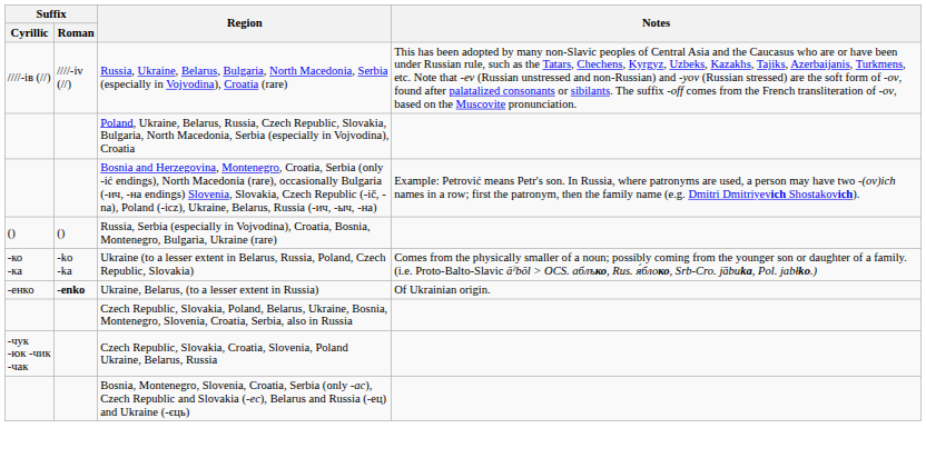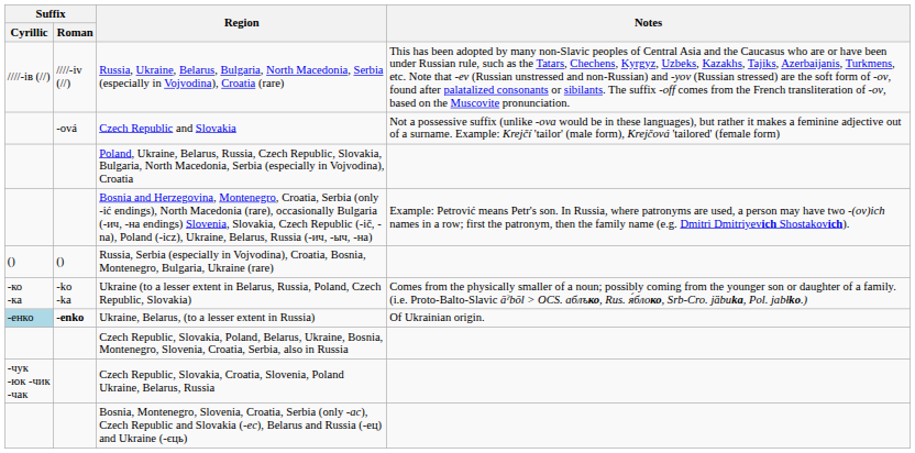 <table class="wikitable">
 <tr>
 <th colspan="2">Suffix</th>
 <th rowspan="2">Region</th>
 <th rowspan="2">Notes</th>
 </tr>
 <tr>
 <th>Cyrillic</th>
 <th>Roman</th>
 </tr>
 <tr>
 <td>////-ів (//)</td>
 <td>////-iv (//)</td>
 <td><a href='#'>Russia</a>, <a href='#'>Ukraine</a>, <a href='#'>Belarus</a>, <a href='#'>Bulgaria</a>, <a href='#'>North Macedonia</a>, <a href='#'>Serbia</a> (especially in <a href='#'>Vojvodina</a>), <a href='#'>Croatia</a> (rare)</td>
 <td>This has been adopted by many non-Slavic peoples of Central Asia and the Caucasus who are or have been under Russian rule, such as the <a href='#'>Tatars</a>, <a href='#'>Chechens</a>, <a href='#'>Kyrgyz</a>, <a href='#'>Uzbeks</a>, <a href='#'>Kazakhs</a>, <a href='#'>Tajiks</a>, <a href='#'>Azerbaijanis</a>, <a href='#'>Turkmens</a>, etc. Note that <em>-ev</em> (Russian unstressed and non-Russian) and <em>-yov</em> (Russian stressed) are the soft form of <em>-ov</em>, found after <a href='#'>palatalized consonants</a> or <a href='#'>sibilants</a>. The suffix <em>-off</em> comes from the French transliteration of <em>-ov</em>, based on the <a href='#'>Muscovite</a> pronunciation.</td>
+</tr>
+<tr>
+<td></td>
+<td>-ová</td>
+<td><a href='#'>Czech Republic</a> and <a href='#'>Slovakia</a></td>
+<td>Not a possessive suffix (unlike <em>-ova</em> would be in these languages), but rather it makes a feminine adjective out of a surname. Example: <em>Krejčí</em> 'tailor' (male form), <em>Krejčová</em> 'tailored' (female form)</td>
 </tr>
 <tr>
 <td></td>
 <td></td>
 <td><a href='#'>Poland</a>, Ukraine, Belarus, Russia, Czech Republic, Slovakia, Bulgaria, North Macedonia, Serbia (especially in Vojvodina), Croatia</td>
 <td></td>
 </tr>
 <tr>
 <td></td>
 <td></td>
 <td><a href='#'>Bosnia and Herzegovina</a>, <a href='#'>Montenegro</a>, Croatia, Serbia (only -ić endings), North Macedonia (rare), occasionally Bulgaria (-ич, -на endings) <a href='#'>Slovenia</a>, Slovakia, Czech Republic (-ič, -na), Poland (-icz), Ukraine, Belarus, Russia (-ич, -ыч, -на)</td>
 <td>Example: Petrović means Petr's son. In Russia, where patronyms are used, a person may have two <em>-(ov)ich</em> names in a row; first the patronym, then the family name (e.g. <a href='#'>Dmitri Dmitriyev<strong>ich</strong> Shostakov<strong>ich</strong></a>).</td>
 </tr>
 <tr>
 <td> ()</td>
 <td> ()</td>
 <td>Russia, Serbia (especially in Vojvodina), Croatia, Bosnia, Montenegro, Bulgaria, Ukraine (rare)</td>
 <td></td>
 </tr>
 <tr>
 <td>-ко<br>-ка</td>
 <td>-ko<br>-ka</td>
 <td>Ukraine (to a lesser extent in Belarus, Russia, Poland, Czech Republic, Slovakia)</td>
 <td>Comes from the physically smaller of a noun; possibly coming from the younger son or daughter of a family. (i.e. Proto-Balto-Slavic <em>āˀbōl > OCS. аблъ<strong>ко</strong>, Rus. я́бло<strong>ко</strong>, Srb-Cro. jȁbu<strong>ka</strong>, Pol. jabł<strong>ko</strong>.)</em></td>
 </tr>
 <tr>
-<td>-енко</td>
+<td style="background: lightblue;">-енко</td>
 <td><strong>-enko</strong></td>
 <td>Ukraine, Belarus, (to a lesser extent in Russia)</td>
 <td>Of Ukrainian origin.</td>
 </tr>
 <tr>
 <td></td>
 <td></td>
 <td>Czech Republic, Slovakia, Poland, Belarus, Ukraine, Bosnia, Montenegro, Slovenia, Croatia, Serbia, also in Russia</td>
 <td></td>
 </tr>
 <tr>
 <td>-чук<br>-юк -чик  -чак</td>
 <td></td>
 <td>Czech Republic, Slovakia, Croatia, Slovenia, Poland Ukraine, Belarus, Russia</td>
 <td></td>
 </tr>
 <tr>
 <td></td>
 <td></td>
 <td>Bosnia, Montenegro, Slovenia, Croatia, Serbia (only <em>-ac</em>), Czech Republic and Slovakia (<em>-ec</em>), Belarus and Russia (-ец) and Ukraine (-єць)</td>
 <td></td>
 </tr>
 </table>
